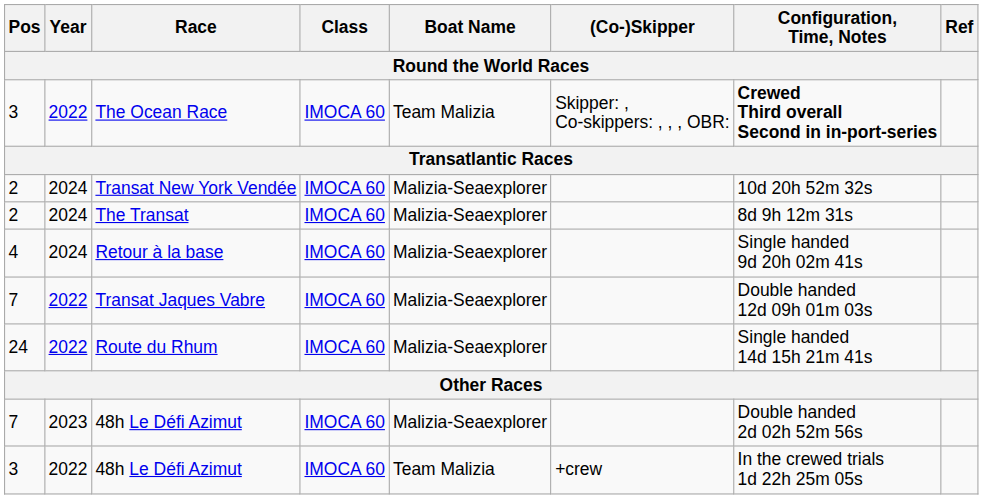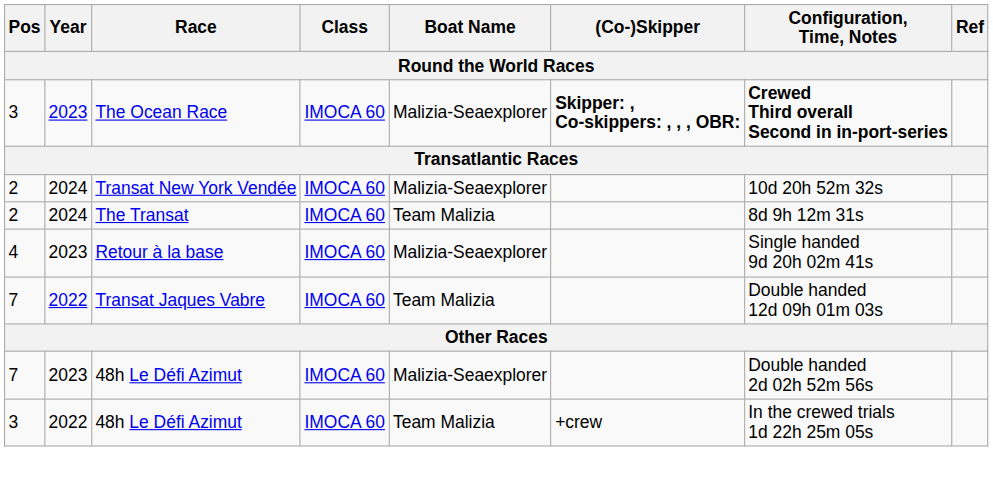 <table class="wikitable sortable">
 <tr>
 <th>Pos</th>
 <th>Year</th>
 <th>Race</th>
 <th>Class</th>
 <th>Boat Name</th>
 <th>(Co-)Skipper</th>
 <th>Configuration,<br>Time, Notes</th>
 <th>Ref</th>
 </tr>
 <tr>
 <th colspan="8"><strong>Round the World Races</strong></th>
 </tr>
 <tr>
 <td>3</td>
-<td><a href='#'>2022</a></td>
+<td><a href='#'>2023</a></td>
 <td><a href='#'>The Ocean Race</a></td>
 <td><a href='#'>IMOCA 60</a></td>
-<td>Team Malizia</td>
-<td>Skipper: , <br>Co-skippers: , , ,  OBR: </td>
+<td>Malizia-Seaexplorer</td>
+<td><strong>Skipper: , <br>Co-skippers: , , ,  OBR: </strong></td>
 <td><strong>Crewed<br>Third overall<br>Second in in-port-series</strong></td>
 <td></td>
 </tr>
 <tr>
 <th colspan="8"><strong>Transatlantic Races</strong></th>
 </tr>
 <tr>
 <td>2</td>
 <td>2024</td>
 <td><a href='#'>Transat New York Vendée</a></td>
 <td><a href='#'>IMOCA 60</a></td>
 <td>Malizia-Seaexplorer</td>
 <td></td>
 <td>10d 20h 52m 32s</td>
 <td></td>
 </tr>
 <tr>
 <td>2</td>
 <td>2024</td>
 <td><a href='#'>The Transat</a></td>
 <td><a href='#'>IMOCA 60</a></td>
-<td>Malizia-Seaexplorer</td>
+<td>Team Malizia</td>
 <td></td>
 <td>8d 9h 12m 31s</td>
 <td></td>
 </tr>
 <tr>
 <td>4</td>
-<td>2024</td>
+<td>2023</td>
 <td><a href='#'>Retour à la base</a></td>
 <td><a href='#'>IMOCA 60</a></td>
 <td>Malizia-Seaexplorer</td>
 <td></td>
 <td>Single handed<br>9d 20h 02m 41s</td>
 <td></td>
 </tr>
 <tr>
 <td>7</td>
 <td><a href='#'>2022</a></td>
 <td><a href='#'>Transat Jaques Vabre</a></td>
 <td><a href='#'>IMOCA 60</a></td>
-<td>Malizia-Seaexplorer</td>
+<td>Team Malizia</td>
 <td> </td>
 <td>Double handed<br>12d 09h 01m 03s</td>
-<td></td>
-</tr>
-<tr>
-<td>24</td>
-<td><a href='#'>2022</a></td>
-<td><a href='#'>Route du Rhum</a></td>
-<td><a href='#'>IMOCA 60</a></td>
-<td>Malizia-Seaexplorer</td>
-<td></td>
-<td>Single handed<br>14d 15h 21m 41s</td>
 <td></td>
 </tr>
 <tr>
 <th colspan="8"><strong>Other Races</strong></th>
 </tr>
 <tr>
 <td>7</td>
 <td>2023</td>
 <td>48h <a href='#'>Le Défi Azimut</a></td>
 <td><a href='#'>IMOCA 60</a></td>
 <td>Malizia-Seaexplorer</td>
 <td> </td>
 <td>Double handed<br>2d 02h 52m 56s</td>
 <td></td>
 </tr>
 <tr>
 <td>3</td>
 <td>2022</td>
 <td>48h <a href='#'>Le Défi Azimut</a></td>
 <td><a href='#'>IMOCA 60</a></td>
 <td>Team Malizia</td>
 <td> +crew</td>
 <td>In the crewed trials<br>1d 22h 25m 05s</td>
 <td></td>
 </tr>
 </table>
